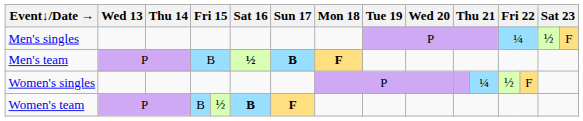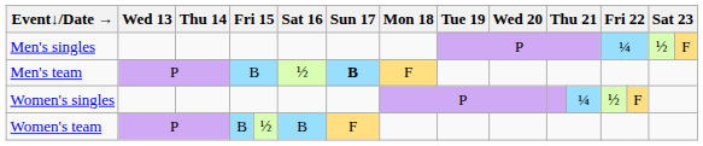 <table class="wikitable" style="margin:0.5em auto; font-size:90%; line-height:1.25em;">
 <tr style="text-align:center;">
 <th>Event↓/Date →</th>
 <th>Wed 13</th>
 <th>Thu 14</th>
 <th colspan=2>Fri 15</th>
 <th>Sat 16</th>
 <th>Sun 17</th>
 <th>Mon 18</th>
 <th>Tue 19</th>
 <th>Wed 20</th>
 <th colspan=2>Thu 21</th>
 <th colspan=2>Fri 22</th>
 <th colspan=2>Sat 23</th>
 </tr>
 <tr style="text-align:center;">
 <td style="text-align:left;"><a href='#'>Men's singles</a></td>
 <td></td>
 <td></td>
 <td colspan=2></td>
 <td></td>
 <td></td>
 <td></td>
 <td colspan=4 style="background-color:#D0A9F5;">P</td>
 <td colspan=2 style="background-color:#97DEFF">¼</td>
 <td style="background-color:#D9FFB2;">½</td>
 <td style="background-color:#FFDF80;">F</td>
 </tr>
 <tr style="text-align:center;">
 <td style="text-align:left;"><a href='#'>Men's team</a></td>
 <td colspan=2 style="background-color:#D0A9F5;">P</td>
 <td colspan=2 style="background-color:#97DEFF;">B</td>
-<td style="background-color:#D9FFB2;"><strong>½</strong></td>
+<td style="background-color:#D9FFB2;">½</td>
 <td style="background-color:#97DEFF;"><strong>B</strong></td>
-<td style="background-color:#FFDF80;"><strong>F</strong></td>
+<td style="background-color:#FFDF80;">F</td>
 <td></td>
 <td></td>
 <td colspan=2></td>
 <td colspan=2></td>
 <td colspan=2></td>
 </tr>
 <tr style="text-align:center;">
 <td style="text-align:left;"><a href='#'>Women's singles</a></td>
 <td></td>
 <td></td>
 <td colspan=2></td>
 <td></td>
 <td></td>
 <td colspan=3 style="background-color:#D0A9F5;">P</td>
 <td style="background-color:#D0A9F5;"> </td>
 <td style="background-color:#97DEFF;">¼</td>
 <td style="background-color:#D9FFB2;">½</td>
 <td style="background-color:#FFDF80;">F</td>
 <td colspan=2></td>
 </tr>
 <tr style="text-align:center;">
 <td style="text-align:left;"><a href='#'>Women's team</a></td>
 <td colspan=2 style="background-color:#D0A9F5;">P</td>
 <td style="background-color:#97DEFF;">B</td>
 <td style="background-color:#D9FFB2;">½</td>
-<td style="background-color:#97DEFF;"><strong>B</strong></td>
-<td style="background-color:#FFDF80;"><strong>F</strong></td>
+<td style="background-color:#97DEFF;">B</td>
+<td style="background-color:#FFDF80;">F</td>
 <td></td>
 <td></td>
 <td></td>
 <td colspan=2></td>
 <td colspan=2></td>
 <td colspan=2></td>
 </tr>
 </table>
